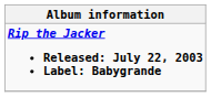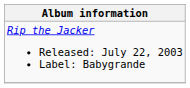 <table class="wikitable">
 <tr>
 <th align="left">Album information</th>
 </tr>
 <tr>
-<td><strong><em><a href='#'>Rip the Jacker</a></em><br><ul><li>Released: July 22, 2003</li><li>Label: Babygrande</li></ul></strong></td>
+<td><em><a href='#'>Rip the Jacker</a></em><br><ul><li>Released: July 22, 2003</li><li>Label: Babygrande</li></ul></td>
 </tr>
 <tr>
 </tr>
 </table>
